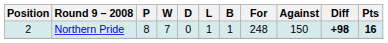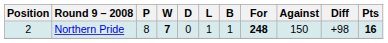 <table class="wikitable" style="text-align:center; font-size:85%;">
 <tr>
 <th width=40 abbr="Position">Position</th>
 <th width=100>Round 9 – 2008</th>
 <th width=20 abbr="Played">P</th>
 <th width=20 abbr="Won">W</th>
 <th width=20 abbr="Drawn">D</th>
 <th width=20 abbr="Lost">L</th>
 <th width=20 abbr="Bye">B</th>
 <th width=40 abbr="Points for">For</th>
 <th width=40 abbr="Points against">Against</th>
 <th width=40 abbr="Points difference">Diff</th>
 <th width=25 abbr="Points">Pts</th>
 </tr>
 <tr style="background: #d7ebed;">
 <td>2</td>
 <td style="text-align:left;"> <a href='#'>Northern Pride</a></td>
 <td>8</td>
-<td>7</td>
+<td><strong>7</strong></td>
 <td>0</td>
 <td>1</td>
 <td>1</td>
-<td>248</td>
+<td><strong>248</strong></td>
 <td>150</td>
-<td><strong>+98</strong></td>
+<td>+98</td>
 <td><strong>16</strong></td>
 </tr>
 <tr>
 </tr>
 </table>
